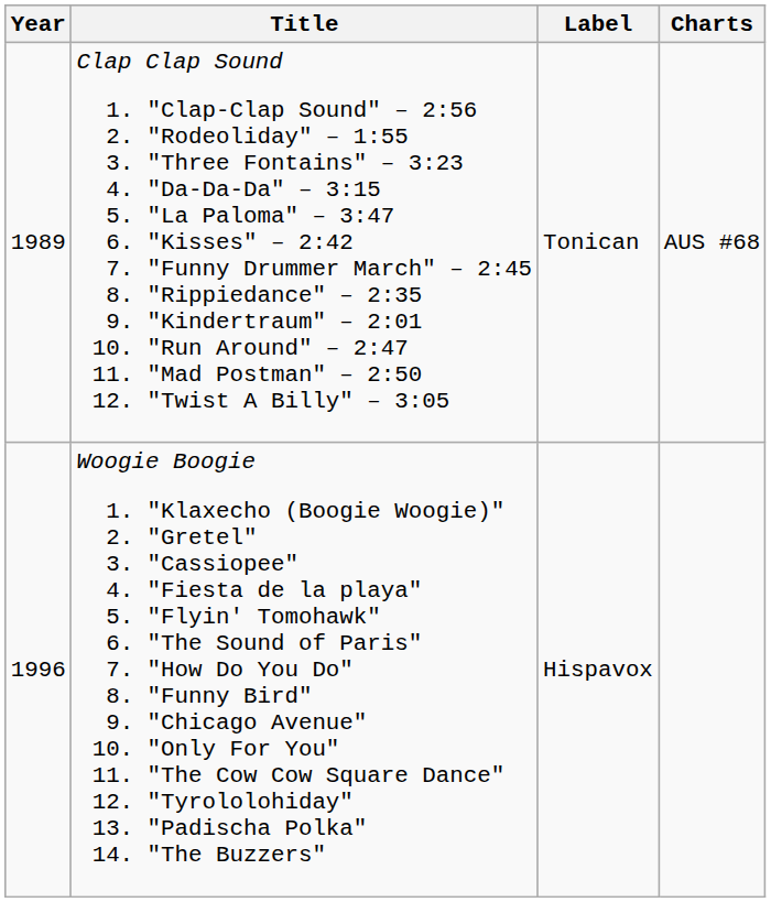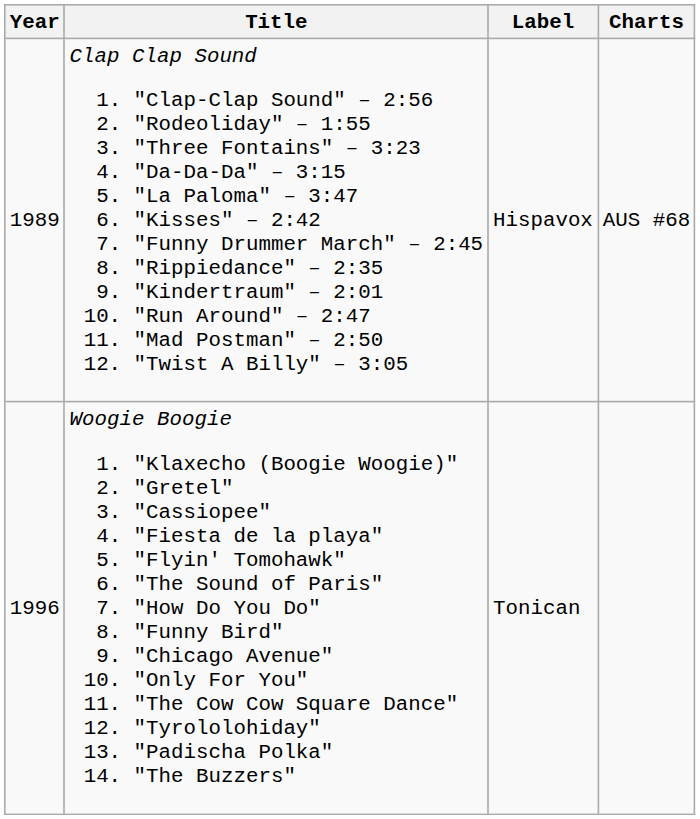 <table class="wikitable sortable">
 <tr>
 <th>Year</th>
 <th style="min-width: 200px">Title</th>
 <th>Label</th>
 <th>Charts</th>
 </tr>
 <tr>
 <td>1989</td>
 <td><em>Clap Clap Sound</em><br><ol><li>"Clap-Clap Sound" – 2:56</li><li>"Rodeoliday" – 1:55</li><li>"Three Fontains" – 3:23</li><li>"Da-Da-Da" – 3:15</li><li>"La Paloma" – 3:47</li><li>"Kisses" – 2:42</li><li>"Funny Drummer March" – 2:45</li><li>"Rippiedance" – 2:35</li><li>"Kindertraum" – 2:01</li><li>"Run Around" – 2:47</li><li>"Mad Postman" – 2:50</li><li>"Twist A Billy" – 3:05</li></ol></td>
-<td>Tonican</td>
+<td>Hispavox</td>
 <td>AUS #68</td>
 </tr>
 <tr>
 <td>1996</td>
 <td><em>Woogie Boogie</em><br><ol><li>"Klaxecho (Boogie Woogie)"</li><li>"Gretel"</li><li>"Cassiopee"</li><li>"Fiesta de la playa"</li><li>"Flyin' Tomohawk"</li><li>"The Sound of Paris"</li><li>"How Do You Do"</li><li>"Funny Bird"</li><li>"Chicago Avenue"</li><li>"Only For You"</li><li>"The Cow Cow Square Dance"</li><li>"Tyrololohiday"</li><li>"Padischa Polka"</li><li>"The Buzzers"</li></ol></td>
-<td>Hispavox</td>
+<td>Tonican</td>
 <td></td>
 </tr>
 </table>
